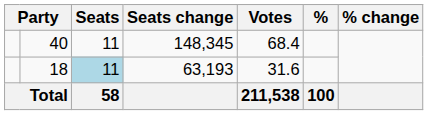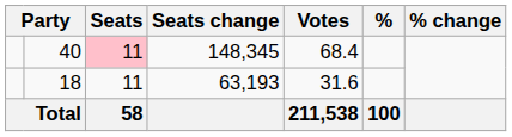 <table class="wikitable sortable">
 <tr>
 <th colspan=2>Party</th>
 <th>Seats</th>
 <th>Seats change</th>
 <th>Votes</th>
 <th>%</th>
 <th>% change</th>
 </tr>
 <tr>
 <td></td>
 <td align=right>40</td>
-<td align=right>11</td>
+<td align=right style="background: pink;">11</td>
 <td align=right>148,345</td>
 <td align=right>68.4</td>
 <td align=right></td>
 </tr>
 <tr>
 <td></td>
 <td align=right>18</td>
-<td align=right style="background: lightblue;">11</td>
+<td align=right>11</td>
 <td align=right>63,193</td>
 <td align=right>31.6</td>
 <td align=right></td>
 </tr>
 <tr class="sortbottom" style="font-weight: bold; text-align: right; background: #f2f2f2;">
 <th colspan="2" style="padding-left: 1.5em; text-align: left;">Total</th>
 <td align=right>58</td>
 <td align=right></td>
 <td align=right>211,538</td>
 <td align=right>100</td>
 <td align=right></td>
 </tr>
 </table>
